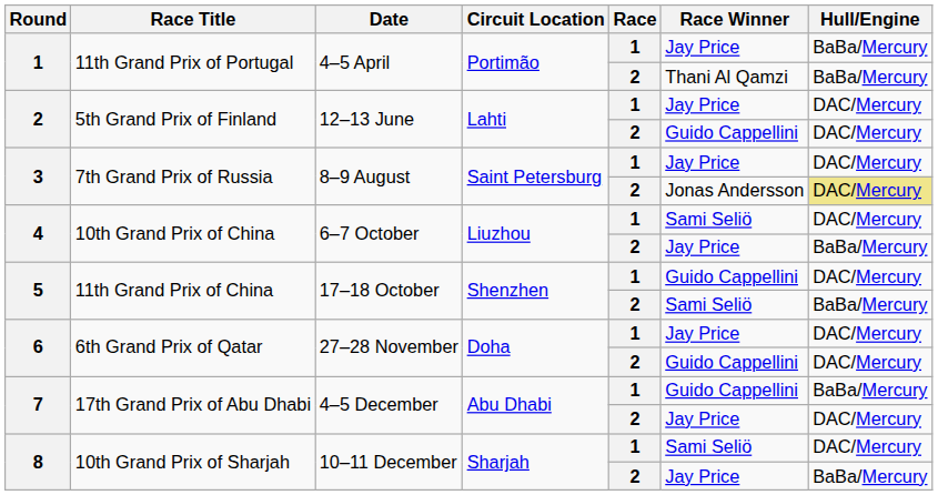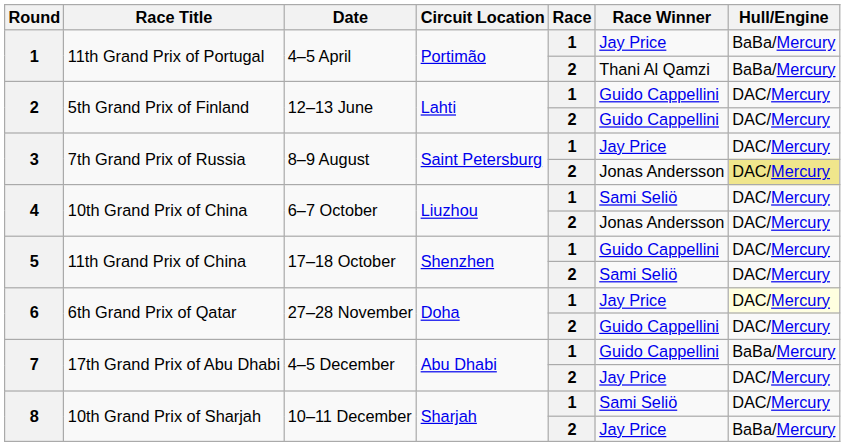 <table class="wikitable" border="1" style="font-size: 85%">
 <tr>
 <th>Round</th>
 <th>Race Title</th>
 <th>Date</th>
 <th>Circuit Location</th>
 <th>Race</th>
 <th>Race Winner</th>
 <th>Hull/Engine</th>
 </tr>
 <tr>
 <th rowspan=2>1</th>
 <td rowspan=2> 11th Grand Prix of Portugal</td>
 <td rowspan=2>4–5 April</td>
 <td rowspan=2><a href='#'>Portimão</a></td>
 <th>1</th>
 <td> <a href='#'>Jay Price</a></td>
 <td>BaBa/<a href='#'>Mercury</a></td>
 </tr>
 <tr>
 <th>2</th>
 <td> Thani Al Qamzi</td>
 <td>BaBa/<a href='#'>Mercury</a></td>
 </tr>
 <tr>
 <th rowspan=2>2</th>
 <td rowspan=2> 5th Grand Prix of Finland</td>
 <td rowspan=2>12–13 June</td>
 <td rowspan=2><a href='#'>Lahti</a></td>
 <th>1</th>
-<td> <a href='#'>Jay Price</a></td>
+<td> <a href='#'>Guido Cappellini</a></td>
 <td>DAC/<a href='#'>Mercury</a></td>
 </tr>
 <tr>
 <th>2</th>
 <td> <a href='#'>Guido Cappellini</a></td>
 <td>DAC/<a href='#'>Mercury</a></td>
 </tr>
 <tr>
 <th rowspan=2>3</th>
 <td rowspan=2> 7th Grand Prix of Russia</td>
 <td rowspan=2>8–9 August</td>
 <td rowspan=2><a href='#'>Saint Petersburg</a></td>
 <th>1</th>
 <td> <a href='#'>Jay Price</a></td>
 <td>DAC/<a href='#'>Mercury</a></td>
 </tr>
 <tr>
 <th>2</th>
 <td> Jonas Andersson</td>
 <td style="background: khaki;">DAC/<a href='#'>Mercury</a></td>
 </tr>
 <tr>
 <th rowspan=2>4</th>
 <td rowspan=2> 10th Grand Prix of China</td>
 <td rowspan=2>6–7 October</td>
 <td rowspan=2><a href='#'>Liuzhou</a></td>
 <th>1</th>
 <td> <a href='#'>Sami Seliö</a></td>
 <td>DAC/<a href='#'>Mercury</a></td>
 </tr>
 <tr>
 <th>2</th>
-<td> <a href='#'>Jay Price</a></td>
-<td>BaBa/<a href='#'>Mercury</a></td>
+<td> Jonas Andersson</td>
+<td>DAC/<a href='#'>Mercury</a></td>
 </tr>
 <tr>
 <th rowspan=2>5</th>
 <td rowspan=2> 11th Grand Prix of China</td>
 <td rowspan=2>17–18 October</td>
 <td rowspan=2><a href='#'>Shenzhen</a></td>
 <th>1</th>
 <td> <a href='#'>Guido Cappellini</a></td>
 <td>DAC/<a href='#'>Mercury</a></td>
 </tr>
 <tr>
 <th>2</th>
 <td> <a href='#'>Sami Seliö</a></td>
-<td>BaBa/<a href='#'>Mercury</a></td>
+<td>DAC/<a href='#'>Mercury</a></td>
 </tr>
 <tr>
 <th rowspan=2>6</th>
 <td rowspan=2> 6th Grand Prix of Qatar</td>
 <td rowspan=2>27–28 November</td>
 <td rowspan=2><a href='#'>Doha</a></td>
 <th>1</th>
 <td> <a href='#'>Jay Price</a></td>
-<td>DAC/<a href='#'>Mercury</a></td>
+<td style="background: lightyellow;">DAC/<a href='#'>Mercury</a></td>
 </tr>
 <tr>
 <th>2</th>
 <td> <a href='#'>Guido Cappellini</a></td>
 <td>DAC/<a href='#'>Mercury</a></td>
 </tr>
 <tr>
 <th rowspan=2>7</th>
 <td rowspan=2> 17th Grand Prix of Abu Dhabi</td>
 <td rowspan=2>4–5 December</td>
 <td rowspan=2><a href='#'>Abu Dhabi</a></td>
 <th>1</th>
 <td> <a href='#'>Guido Cappellini</a></td>
 <td>BaBa/<a href='#'>Mercury</a></td>
 </tr>
 <tr>
 <th>2</th>
 <td> <a href='#'>Jay Price</a></td>
 <td>DAC/<a href='#'>Mercury</a></td>
 </tr>
 <tr>
 <th rowspan=2>8</th>
 <td rowspan=2> 10th Grand Prix of Sharjah</td>
 <td rowspan=2>10–11 December</td>
 <td rowspan=2><a href='#'>Sharjah</a></td>
 <th>1</th>
 <td> <a href='#'>Sami Seliö</a></td>
 <td>DAC/<a href='#'>Mercury</a></td>
 </tr>
 <tr>
 <th>2</th>
 <td> <a href='#'>Jay Price</a></td>
 <td>BaBa/<a href='#'>Mercury</a></td>
 </tr>
 </table>
